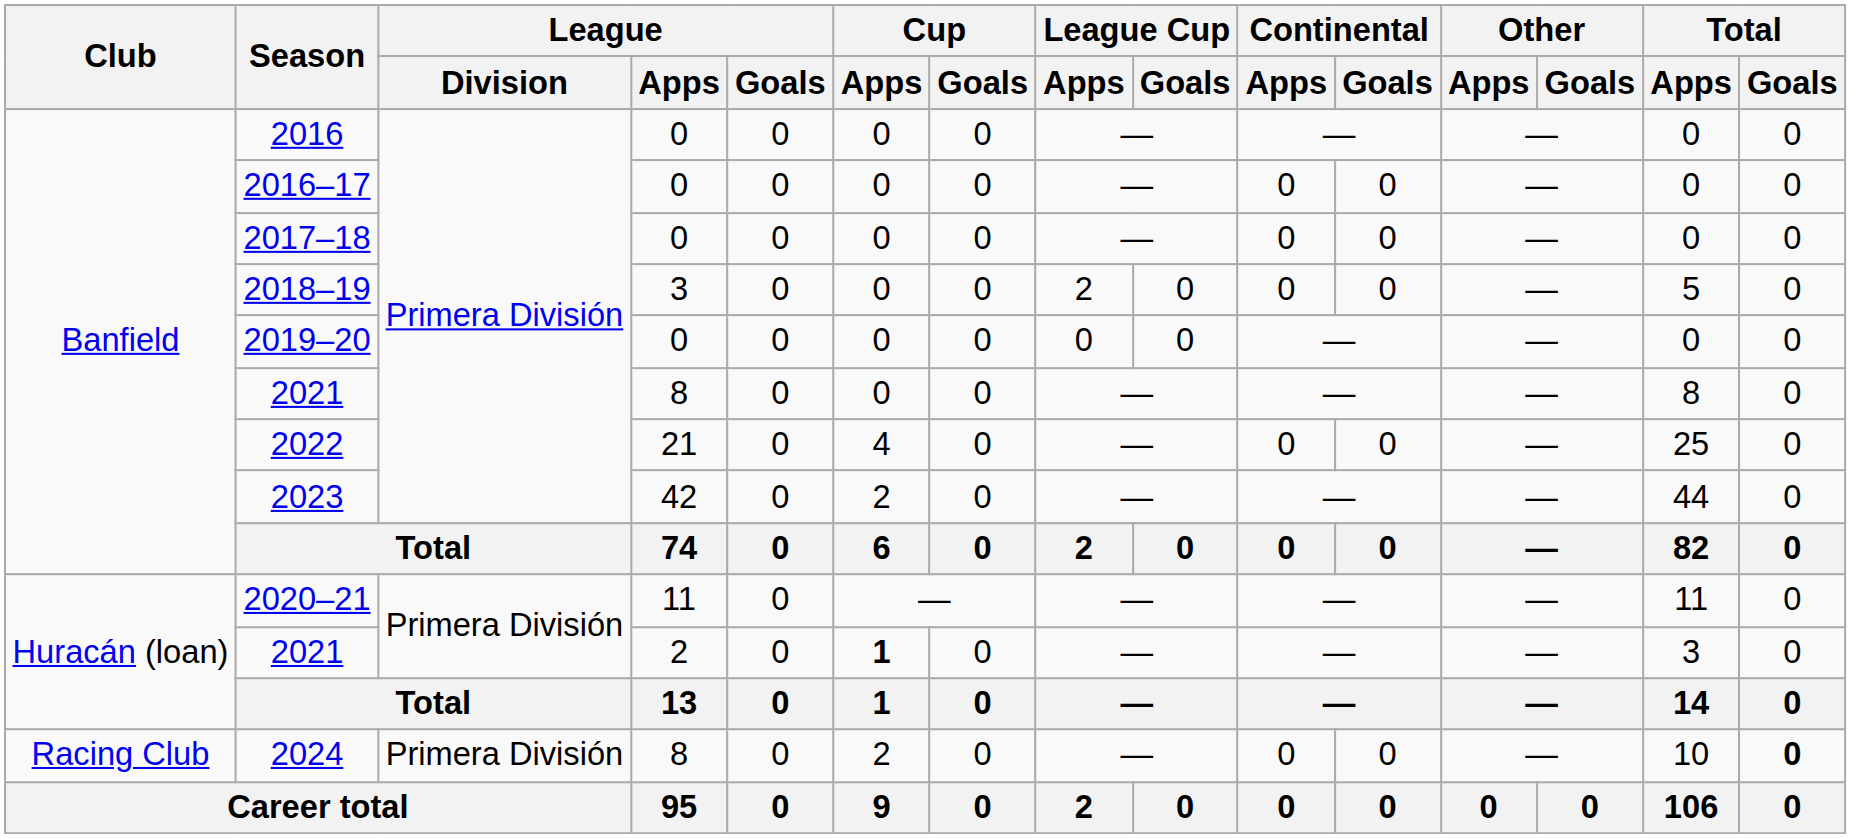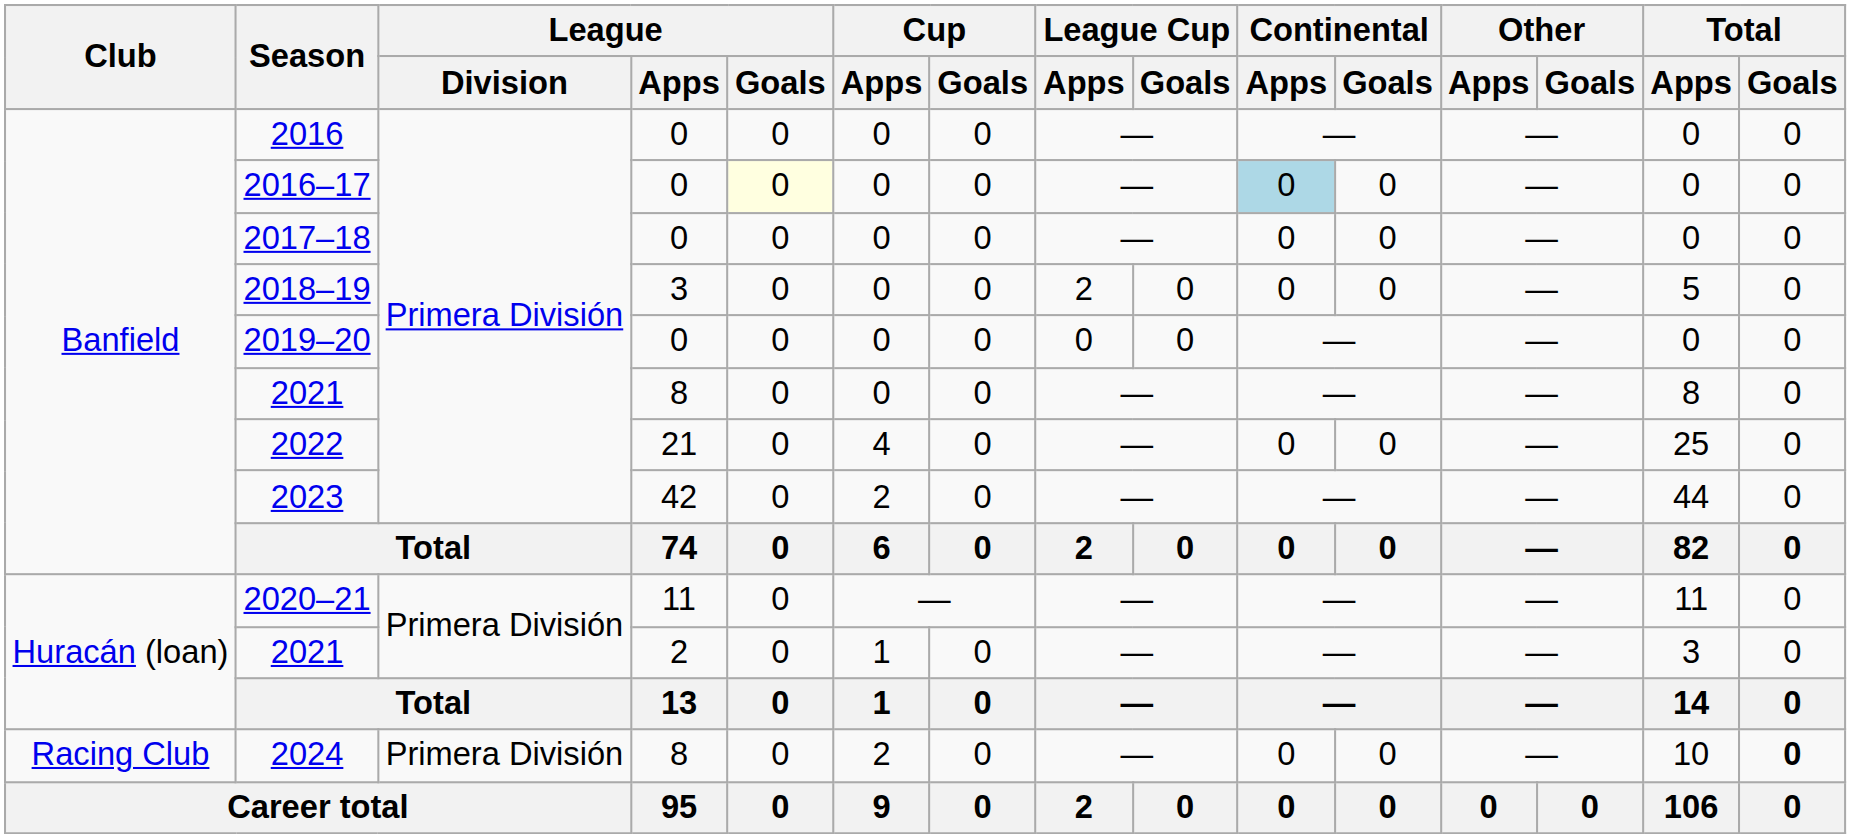 <table class="wikitable" style="text-align:center">
 <tr>
 <th rowspan="2">Club</th>
 <th rowspan="2">Season</th>
 <th colspan="3">League</th>
 <th colspan="2">Cup</th>
 <th colspan="2">League Cup</th>
 <th colspan="2">Continental</th>
 <th colspan="2">Other</th>
 <th colspan="2">Total</th>
 </tr>
 <tr>
 <th>Division</th>
 <th>Apps</th>
 <th>Goals</th>
 <th>Apps</th>
 <th>Goals</th>
 <th>Apps</th>
 <th>Goals</th>
 <th>Apps</th>
 <th>Goals</th>
 <th>Apps</th>
 <th>Goals</th>
 <th>Apps</th>
 <th>Goals</th>
 </tr>
 <tr>
 <td rowspan="9"><a href='#'>Banfield</a></td>
 <td><a href='#'>2016</a></td>
 <td rowspan="8"><a href='#'>Primera División</a></td>
 <td>0</td>
 <td>0</td>
 <td>0</td>
 <td>0</td>
 <td colspan="2">—</td>
 <td colspan="2">—</td>
 <td colspan="2">—</td>
 <td>0</td>
 <td>0</td>
 </tr>
 <tr>
 <td><a href='#'>2016–17</a></td>
 <td>0</td>
-<td>0</td>
+<td style="background: lightyellow;">0</td>
 <td>0</td>
 <td>0</td>
 <td colspan="2">—</td>
-<td>0</td>
+<td style="background: lightblue;">0</td>
 <td>0</td>
 <td colspan="2">—</td>
 <td>0</td>
 <td>0</td>
 </tr>
 <tr>
 <td><a href='#'>2017–18</a></td>
 <td>0</td>
 <td>0</td>
 <td>0</td>
 <td>0</td>
 <td colspan="2">—</td>
 <td>0</td>
 <td>0</td>
 <td colspan="2">—</td>
 <td>0</td>
 <td>0</td>
 </tr>
 <tr>
 <td><a href='#'>2018–19</a></td>
 <td>3</td>
 <td>0</td>
 <td>0</td>
 <td>0</td>
 <td>2</td>
 <td>0</td>
 <td>0</td>
 <td>0</td>
 <td colspan="2">—</td>
 <td>5</td>
 <td>0</td>
 </tr>
 <tr>
 <td><a href='#'>2019–20</a></td>
 <td>0</td>
 <td>0</td>
 <td>0</td>
 <td>0</td>
 <td>0</td>
 <td>0</td>
 <td colspan="2">—</td>
 <td colspan="2">—</td>
 <td>0</td>
 <td>0</td>
 </tr>
 <tr>
 <td><a href='#'>2021</a></td>
 <td>8</td>
 <td>0</td>
 <td>0</td>
 <td>0</td>
 <td colspan="2">—</td>
 <td colspan="2">—</td>
 <td colspan="2">—</td>
 <td>8</td>
 <td>0</td>
 </tr>
 <tr>
 <td><a href='#'>2022</a></td>
 <td>21</td>
 <td>0</td>
 <td>4</td>
 <td>0</td>
 <td colspan="2">—</td>
 <td>0</td>
 <td>0</td>
 <td colspan="2">—</td>
 <td>25</td>
 <td>0</td>
 </tr>
 <tr>
 <td><a href='#'>2023</a></td>
 <td>42</td>
 <td>0</td>
 <td>2</td>
 <td>0</td>
 <td colspan="2">—</td>
 <td colspan="2">—</td>
 <td colspan="2">—</td>
 <td>44</td>
 <td>0</td>
 </tr>
 <tr>
 <th colspan="2">Total</th>
 <th>74</th>
 <th>0</th>
 <th>6</th>
 <th>0</th>
 <th>2</th>
 <th>0</th>
 <th>0</th>
 <th>0</th>
 <th colspan="2">—</th>
 <th>82</th>
 <th>0</th>
 </tr>
 <tr>
 <td rowspan="3"><a href='#'>Huracán</a> (loan)</td>
 <td><a href='#'>2020–21</a></td>
 <td rowspan="2">Primera División</td>
 <td>11</td>
 <td>0</td>
 <td colspan="2">—</td>
 <td colspan="2">—</td>
 <td colspan="2">—</td>
 <td colspan="2">—</td>
 <td>11</td>
 <td>0</td>
 </tr>
 <tr>
 <td><a href='#'>2021</a></td>
 <td>2</td>
 <td>0</td>
-<td><strong>1</strong></td>
+<td>1</td>
 <td>0</td>
 <td colspan="2">—</td>
 <td colspan="2">—</td>
 <td colspan="2">—</td>
 <td>3</td>
 <td>0</td>
 </tr>
 <tr>
 <th colspan="2">Total</th>
 <th>13</th>
 <th>0</th>
 <th>1</th>
 <th>0</th>
 <th colspan="2">—</th>
 <th colspan="2">—</th>
 <th colspan="2">—</th>
 <th>14</th>
 <th>0</th>
 </tr>
 <tr>
 <td><a href='#'>Racing Club</a></td>
 <td><a href='#'>2024</a></td>
 <td>Primera División</td>
 <td>8</td>
 <td>0</td>
 <td>2</td>
 <td>0</td>
 <td colspan="2">—</td>
 <td>0</td>
 <td>0</td>
 <td colspan="2">—</td>
 <td>10</td>
 <td><strong>0</strong></td>
 </tr>
 <tr>
 <th colspan="3">Career total</th>
 <th>95</th>
 <th>0</th>
 <th>9</th>
 <th>0</th>
 <th>2</th>
 <th>0</th>
 <th>0</th>
 <th>0</th>
 <th>0</th>
 <th>0</th>
 <th>106</th>
 <th>0</th>
 </tr>
 </table>
